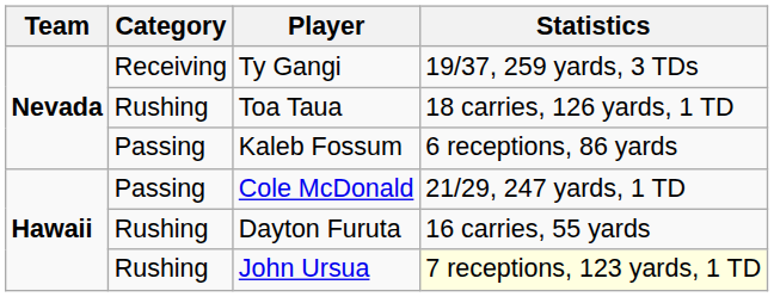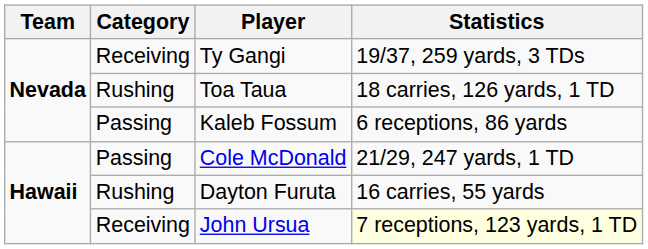 <table class="wikitable" style="float: left;">
 <tr>
 <th>Team</th>
 <th>Category</th>
 <th>Player</th>
 <th>Statistics</th>
 </tr>
 <tr>
 <td rowspan=3><strong>Nevada</strong></td>
 <td>Receiving</td>
 <td>Ty Gangi</td>
 <td>19/37, 259 yards, 3 TDs</td>
 </tr>
 <tr>
 <td>Rushing</td>
 <td>Toa Taua</td>
 <td>18 carries, 126 yards, 1 TD</td>
 </tr>
 <tr>
 <td>Passing</td>
 <td>Kaleb Fossum</td>
 <td>6 receptions, 86 yards</td>
 </tr>
 <tr>
 <td rowspan=3><strong>Hawaii</strong></td>
 <td>Passing</td>
 <td><a href='#'>Cole McDonald</a></td>
 <td>21/29, 247 yards, 1 TD</td>
 </tr>
 <tr>
 <td>Rushing</td>
 <td>Dayton Furuta</td>
 <td>16 carries, 55 yards</td>
 </tr>
 <tr>
-<td>Rushing</td>
+<td>Receiving</td>
 <td><a href='#'>John Ursua</a></td>
 <td style="background: lightyellow;">7 receptions, 123 yards, 1 TD</td>
 </tr>
 </table>
